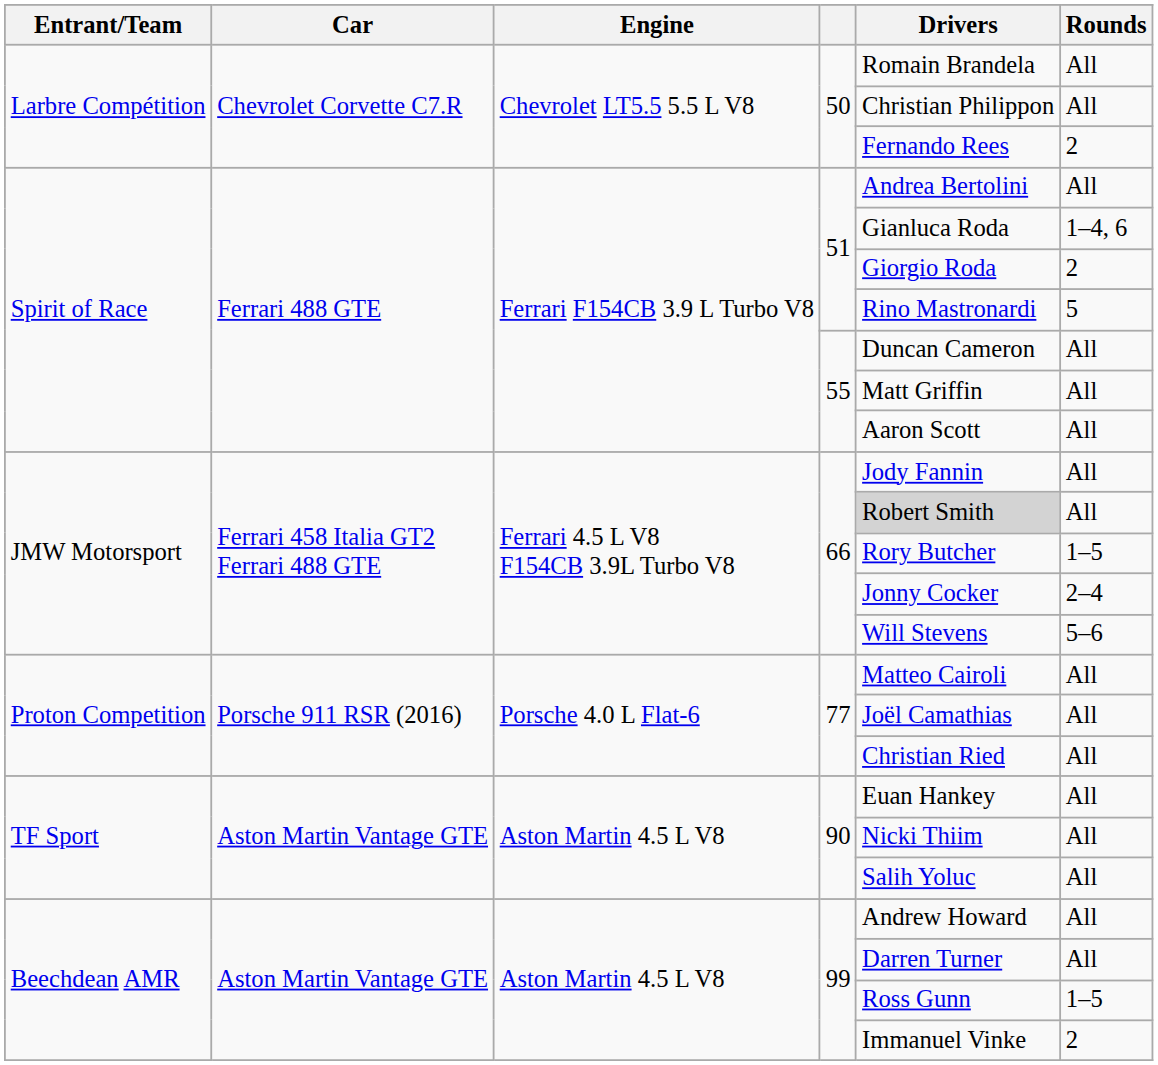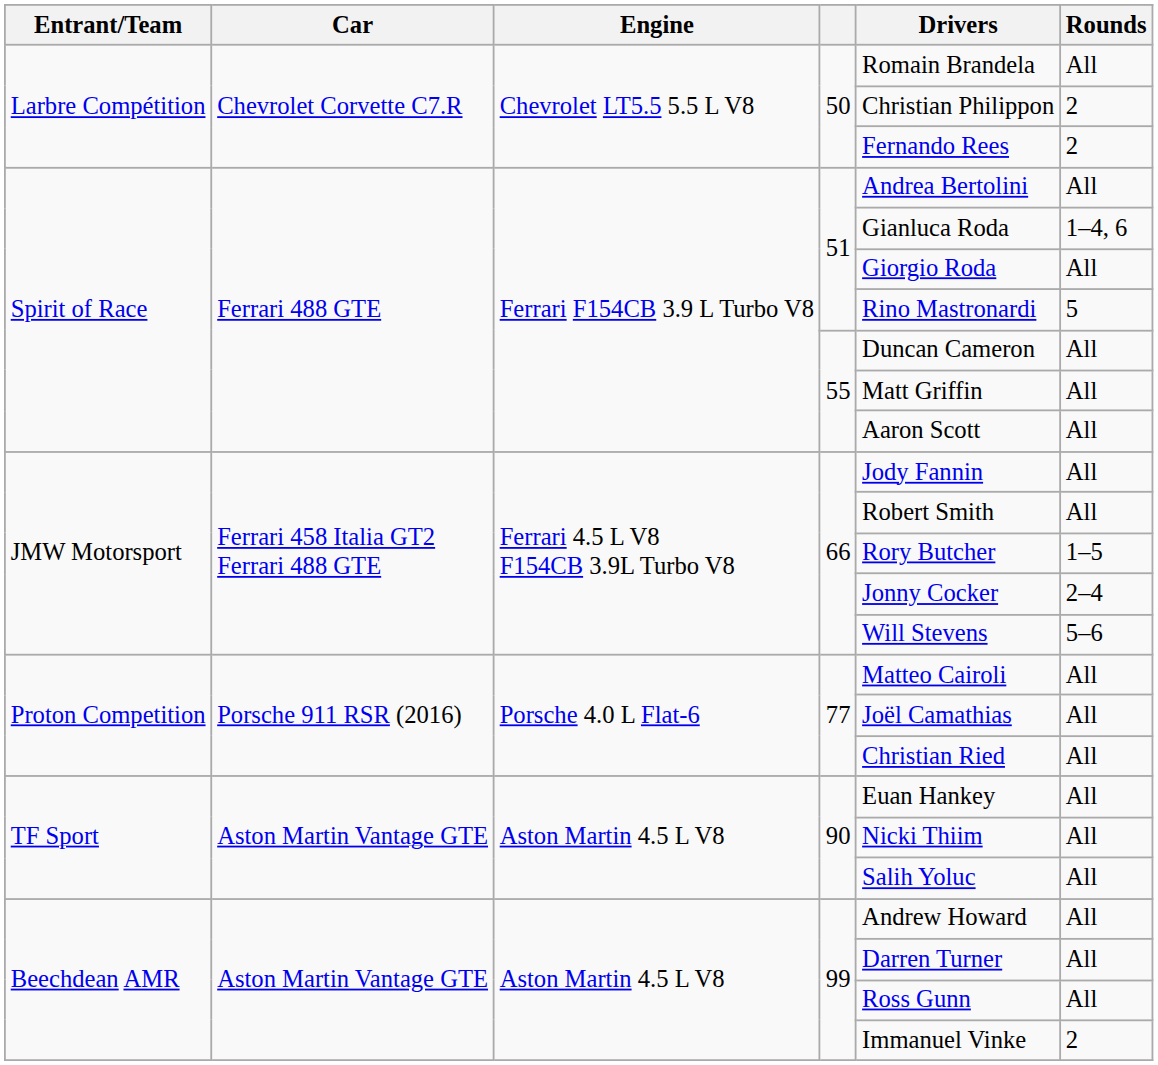 <table class="wikitable" style="font-size: 85%">
 <tr>
 <th>Entrant/Team</th>
 <th>Car</th>
 <th>Engine</th>
 <th></th>
 <th>Drivers</th>
 <th>Rounds</th>
 </tr>
 <tr>
 <td rowspan=3> <a href='#'>Larbre Compétition</a></td>
 <td rowspan=3><a href='#'>Chevrolet Corvette C7.R</a></td>
 <td rowspan=3><a href='#'>Chevrolet</a> <a href='#'>LT5.5</a> 5.5 L V8</td>
 <td rowspan=3>50</td>
 <td> Romain Brandela</td>
 <td>All</td>
 </tr>
 <tr>
 <td> Christian Philippon</td>
-<td>All</td>
+<td>2</td>
 </tr>
 <tr>
 <td> <a href='#'>Fernando Rees</a></td>
 <td>2</td>
 </tr>
 <tr>
 <td rowspan=7> <a href='#'>Spirit of Race</a></td>
 <td rowspan=7><a href='#'>Ferrari 488 GTE</a></td>
 <td rowspan=7><a href='#'>Ferrari</a> <a href='#'>F154CB</a> 3.9 L Turbo V8</td>
 <td rowspan=4>51</td>
 <td> <a href='#'>Andrea Bertolini</a></td>
 <td>All</td>
 </tr>
 <tr>
 <td> Gianluca Roda</td>
 <td>1–4, 6</td>
 </tr>
 <tr>
 <td> <a href='#'>Giorgio Roda</a></td>
-<td>2</td>
+<td>All</td>
 </tr>
 <tr>
 <td> <a href='#'>Rino Mastronardi</a></td>
 <td>5</td>
 </tr>
 <tr>
 <td rowspan=3>55</td>
 <td> Duncan Cameron</td>
 <td>All</td>
 </tr>
 <tr>
 <td> Matt Griffin</td>
 <td>All</td>
 </tr>
 <tr>
 <td> Aaron Scott</td>
 <td>All</td>
 </tr>
 <tr>
 <td rowspan=5> JMW Motorsport</td>
 <td rowspan=5><a href='#'>Ferrari 458 Italia GT2</a> <small></small><br><a href='#'>Ferrari 488 GTE</a> <small></small></td>
 <td rowspan=5><a href='#'>Ferrari</a> 4.5 L V8 <small></small><br><a href='#'>F154CB</a> 3.9L Turbo V8 <small></small></td>
 <td rowspan=5>66</td>
 <td> <a href='#'>Jody Fannin</a></td>
 <td>All</td>
 </tr>
 <tr>
-<td style="background: lightgrey;"> Robert Smith</td>
+<td> Robert Smith</td>
 <td>All</td>
 </tr>
 <tr>
 <td> <a href='#'>Rory Butcher</a></td>
 <td>1–5</td>
 </tr>
 <tr>
 <td> <a href='#'>Jonny Cocker</a></td>
 <td>2–4</td>
 </tr>
 <tr>
 <td> <a href='#'>Will Stevens</a></td>
 <td>5–6</td>
 </tr>
 <tr>
 <td rowspan=3> <a href='#'>Proton Competition</a></td>
 <td rowspan=3><a href='#'>Porsche 911 RSR</a> (2016)</td>
 <td rowspan=3><a href='#'>Porsche</a> 4.0 L <a href='#'>Flat-6</a></td>
 <td rowspan=3>77</td>
 <td> <a href='#'>Matteo Cairoli</a></td>
 <td>All</td>
 </tr>
 <tr>
 <td> <a href='#'>Joël Camathias</a></td>
 <td>All</td>
 </tr>
 <tr>
 <td> <a href='#'>Christian Ried</a></td>
 <td>All</td>
 </tr>
 <tr>
 <td rowspan=3> <a href='#'>TF Sport</a></td>
 <td rowspan=3><a href='#'>Aston Martin Vantage GTE</a></td>
 <td rowspan=3><a href='#'>Aston Martin</a> 4.5 L V8</td>
 <td rowspan=3>90</td>
 <td> Euan Hankey</td>
 <td>All</td>
 </tr>
 <tr>
 <td> <a href='#'>Nicki Thiim</a></td>
 <td>All</td>
 </tr>
 <tr>
 <td> <a href='#'>Salih Yoluc</a></td>
 <td>All</td>
 </tr>
 <tr>
 <td rowspan=4> <a href='#'>Beechdean</a> <a href='#'>AMR</a></td>
 <td rowspan=4><a href='#'>Aston Martin Vantage GTE</a></td>
 <td rowspan=4><a href='#'>Aston Martin</a> 4.5 L V8</td>
 <td rowspan=4>99</td>
 <td> Andrew Howard</td>
 <td>All</td>
 </tr>
 <tr>
 <td> <a href='#'>Darren Turner</a></td>
 <td>All</td>
 </tr>
 <tr>
 <td> <a href='#'>Ross Gunn</a></td>
-<td>1–5</td>
+<td>All</td>
 </tr>
 <tr>
 <td> Immanuel Vinke</td>
 <td>2</td>
 </tr>
 </table>
